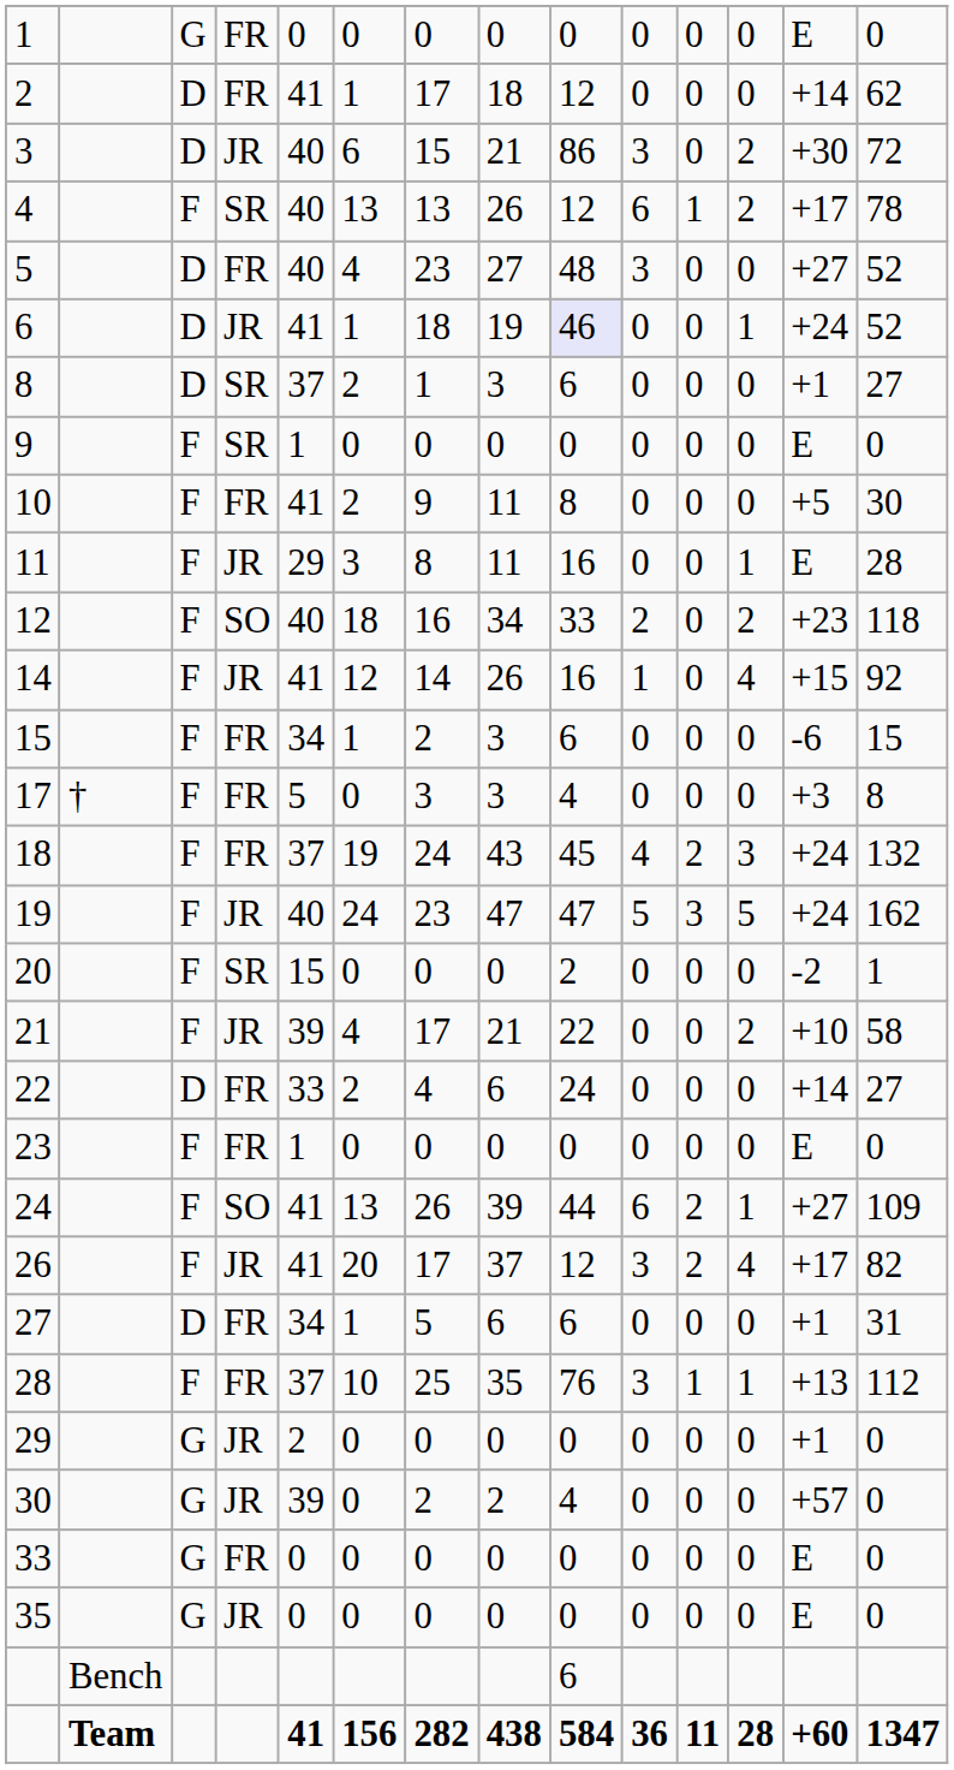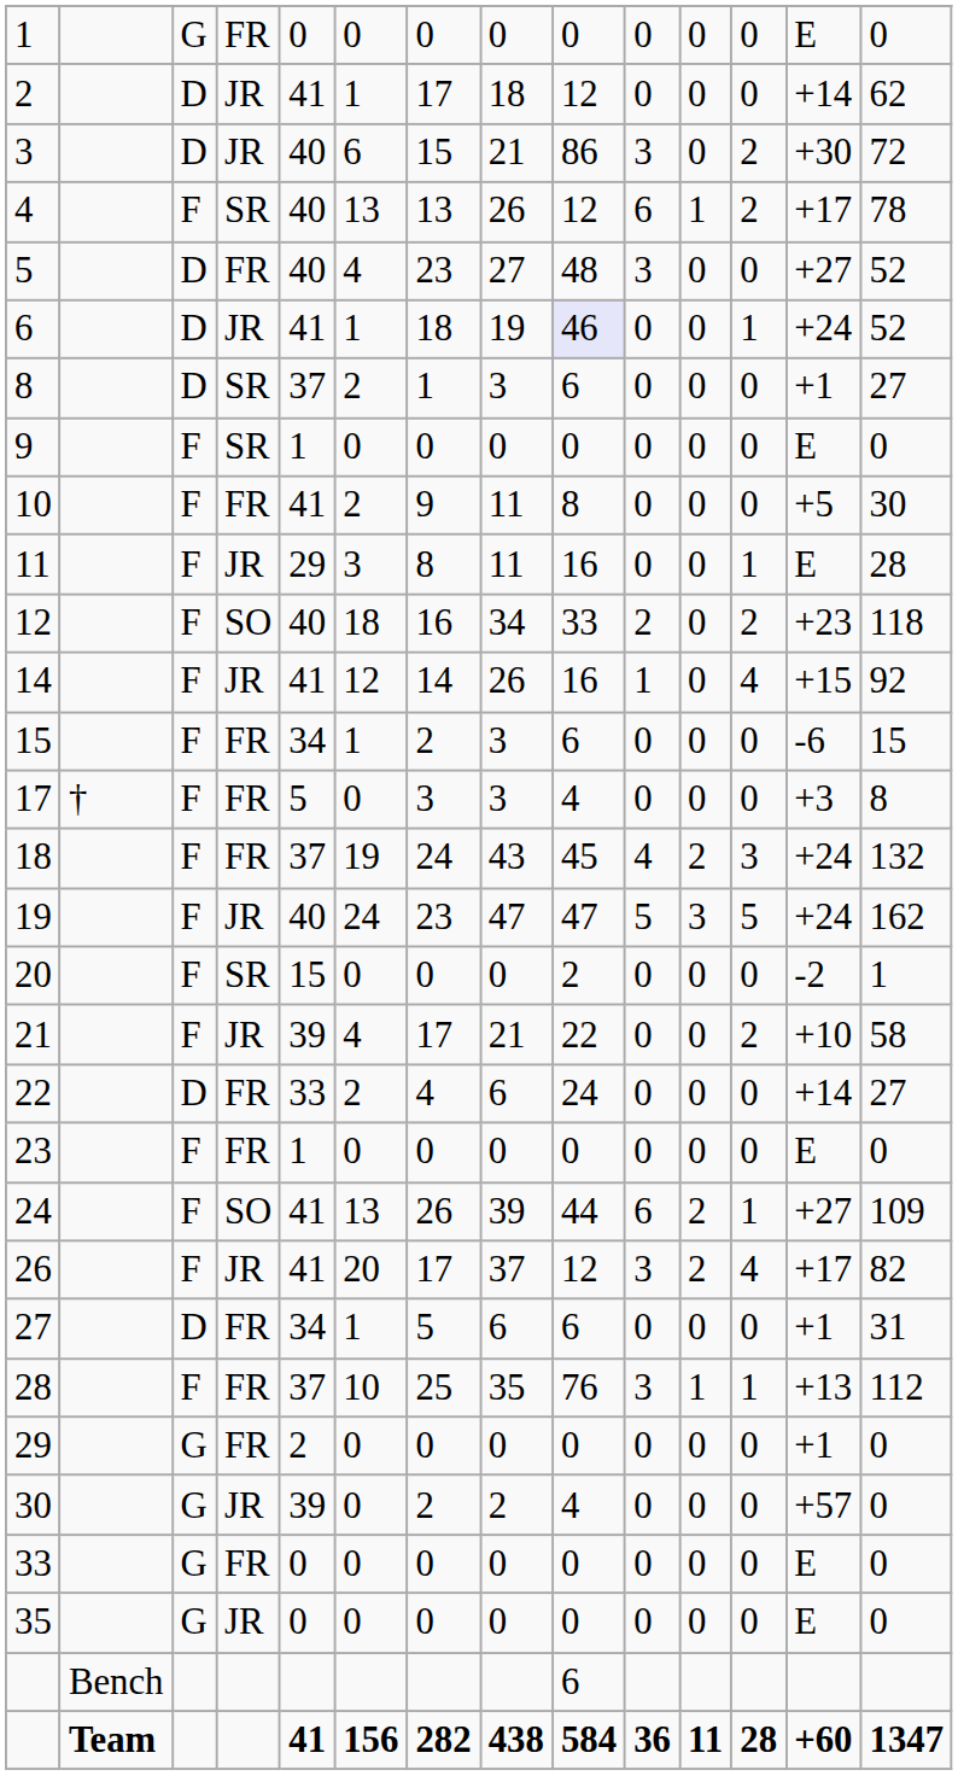 <table class="wikitable sortable">
 <tr>
 </tr>
 <tr>
 <td>1</td>
 <td></td>
 <td>G</td>
 <td>FR</td>
 <td>0</td>
 <td>0</td>
 <td>0</td>
 <td>0</td>
 <td>0</td>
 <td>0</td>
 <td>0</td>
 <td>0</td>
 <td>E</td>
 <td>0</td>
 </tr>
 <tr>
 <td>2</td>
 <td></td>
 <td>D</td>
-<td>FR</td>
+<td>JR</td>
 <td>41</td>
 <td>1</td>
 <td>17</td>
 <td>18</td>
 <td>12</td>
 <td>0</td>
 <td>0</td>
 <td>0</td>
 <td>+14</td>
 <td>62</td>
 </tr>
 <tr>
 <td>3</td>
 <td></td>
 <td>D</td>
 <td>JR</td>
 <td>40</td>
 <td>6</td>
 <td>15</td>
 <td>21</td>
 <td>86</td>
 <td>3</td>
 <td>0</td>
 <td>2</td>
 <td>+30</td>
 <td>72</td>
 </tr>
 <tr>
 <td>4</td>
 <td></td>
 <td>F</td>
 <td>SR</td>
 <td>40</td>
 <td>13</td>
 <td>13</td>
 <td>26</td>
 <td>12</td>
 <td>6</td>
 <td>1</td>
 <td>2</td>
 <td>+17</td>
 <td>78</td>
 </tr>
 <tr>
 <td>5</td>
 <td></td>
 <td>D</td>
 <td>FR</td>
 <td>40</td>
 <td>4</td>
 <td>23</td>
 <td>27</td>
 <td>48</td>
 <td>3</td>
 <td>0</td>
 <td>0</td>
 <td>+27</td>
 <td>52</td>
 </tr>
 <tr>
 <td>6</td>
 <td></td>
 <td>D</td>
 <td>JR</td>
 <td>41</td>
 <td>1</td>
 <td>18</td>
 <td>19</td>
 <td style="background: lavender;">46</td>
 <td>0</td>
 <td>0</td>
 <td>1</td>
 <td>+24</td>
 <td>52</td>
 </tr>
 <tr>
 <td>8</td>
 <td></td>
 <td>D</td>
 <td>SR</td>
 <td>37</td>
 <td>2</td>
 <td>1</td>
 <td>3</td>
 <td>6</td>
 <td>0</td>
 <td>0</td>
 <td>0</td>
 <td>+1</td>
 <td>27</td>
 </tr>
 <tr>
 <td>9</td>
 <td></td>
 <td>F</td>
 <td>SR</td>
 <td>1</td>
 <td>0</td>
 <td>0</td>
 <td>0</td>
 <td>0</td>
 <td>0</td>
 <td>0</td>
 <td>0</td>
 <td>E</td>
 <td>0</td>
 </tr>
 <tr>
 <td>10</td>
 <td></td>
 <td>F</td>
 <td>FR</td>
 <td>41</td>
 <td>2</td>
 <td>9</td>
 <td>11</td>
 <td>8</td>
 <td>0</td>
 <td>0</td>
 <td>0</td>
 <td>+5</td>
 <td>30</td>
 </tr>
 <tr>
 <td>11</td>
 <td></td>
 <td>F</td>
 <td>JR</td>
 <td>29</td>
 <td>3</td>
 <td>8</td>
 <td>11</td>
 <td>16</td>
 <td>0</td>
 <td>0</td>
 <td>1</td>
 <td>E</td>
 <td>28</td>
 </tr>
 <tr>
 <td>12</td>
 <td></td>
 <td>F</td>
 <td>SO</td>
 <td>40</td>
 <td>18</td>
 <td>16</td>
 <td>34</td>
 <td>33</td>
 <td>2</td>
 <td>0</td>
 <td>2</td>
 <td>+23</td>
 <td>118</td>
 </tr>
 <tr>
 <td>14</td>
 <td></td>
 <td>F</td>
 <td>JR</td>
 <td>41</td>
 <td>12</td>
 <td>14</td>
 <td>26</td>
 <td>16</td>
 <td>1</td>
 <td>0</td>
 <td>4</td>
 <td>+15</td>
 <td>92</td>
 </tr>
 <tr>
 <td>15</td>
 <td></td>
 <td>F</td>
 <td>FR</td>
 <td>34</td>
 <td>1</td>
 <td>2</td>
 <td>3</td>
 <td>6</td>
 <td>0</td>
 <td>0</td>
 <td>0</td>
 <td>-6</td>
 <td>15</td>
 </tr>
 <tr>
 <td>17</td>
 <td>†</td>
 <td>F</td>
 <td>FR</td>
 <td>5</td>
 <td>0</td>
 <td>3</td>
 <td>3</td>
 <td>4</td>
 <td>0</td>
 <td>0</td>
 <td>0</td>
 <td>+3</td>
 <td>8</td>
 </tr>
 <tr>
 <td>18</td>
 <td></td>
 <td>F</td>
 <td>FR</td>
 <td>37</td>
 <td>19</td>
 <td>24</td>
 <td>43</td>
 <td>45</td>
 <td>4</td>
 <td>2</td>
 <td>3</td>
 <td>+24</td>
 <td>132</td>
 </tr>
 <tr>
 <td>19</td>
 <td></td>
 <td>F</td>
 <td>JR</td>
 <td>40</td>
 <td>24</td>
 <td>23</td>
 <td>47</td>
 <td>47</td>
 <td>5</td>
 <td>3</td>
 <td>5</td>
 <td>+24</td>
 <td>162</td>
 </tr>
 <tr>
 <td>20</td>
 <td></td>
 <td>F</td>
 <td>SR</td>
 <td>15</td>
 <td>0</td>
 <td>0</td>
 <td>0</td>
 <td>2</td>
 <td>0</td>
 <td>0</td>
 <td>0</td>
 <td>-2</td>
 <td>1</td>
 </tr>
 <tr>
 <td>21</td>
 <td></td>
 <td>F</td>
 <td>JR</td>
 <td>39</td>
 <td>4</td>
 <td>17</td>
 <td>21</td>
 <td>22</td>
 <td>0</td>
 <td>0</td>
 <td>2</td>
 <td>+10</td>
 <td>58</td>
 </tr>
 <tr>
 <td>22</td>
 <td></td>
 <td>D</td>
 <td>FR</td>
 <td>33</td>
 <td>2</td>
 <td>4</td>
 <td>6</td>
 <td>24</td>
 <td>0</td>
 <td>0</td>
 <td>0</td>
 <td>+14</td>
 <td>27</td>
 </tr>
 <tr>
 <td>23</td>
 <td></td>
 <td>F</td>
 <td>FR</td>
 <td>1</td>
 <td>0</td>
 <td>0</td>
 <td>0</td>
 <td>0</td>
 <td>0</td>
 <td>0</td>
 <td>0</td>
 <td>E</td>
 <td>0</td>
 </tr>
 <tr>
 <td>24</td>
 <td></td>
 <td>F</td>
 <td>SO</td>
 <td>41</td>
 <td>13</td>
 <td>26</td>
 <td>39</td>
 <td>44</td>
 <td>6</td>
 <td>2</td>
 <td>1</td>
 <td>+27</td>
 <td>109</td>
 </tr>
 <tr>
 <td>26</td>
 <td></td>
 <td>F</td>
 <td>JR</td>
 <td>41</td>
 <td>20</td>
 <td>17</td>
 <td>37</td>
 <td>12</td>
 <td>3</td>
 <td>2</td>
 <td>4</td>
 <td>+17</td>
 <td>82</td>
 </tr>
 <tr>
 <td>27</td>
 <td></td>
 <td>D</td>
 <td>FR</td>
 <td>34</td>
 <td>1</td>
 <td>5</td>
 <td>6</td>
 <td>6</td>
 <td>0</td>
 <td>0</td>
 <td>0</td>
 <td>+1</td>
 <td>31</td>
 </tr>
 <tr>
 <td>28</td>
 <td></td>
 <td>F</td>
 <td>FR</td>
 <td>37</td>
 <td>10</td>
 <td>25</td>
 <td>35</td>
 <td>76</td>
 <td>3</td>
 <td>1</td>
 <td>1</td>
 <td>+13</td>
 <td>112</td>
 </tr>
 <tr>
 <td>29</td>
 <td></td>
 <td>G</td>
-<td>JR</td>
+<td>FR</td>
 <td>2</td>
 <td>0</td>
 <td>0</td>
 <td>0</td>
 <td>0</td>
 <td>0</td>
 <td>0</td>
 <td>0</td>
 <td>+1</td>
 <td>0</td>
 </tr>
 <tr>
 <td>30</td>
 <td></td>
 <td>G</td>
 <td>JR</td>
 <td>39</td>
 <td>0</td>
 <td>2</td>
 <td>2</td>
 <td>4</td>
 <td>0</td>
 <td>0</td>
 <td>0</td>
 <td>+57</td>
 <td>0</td>
 </tr>
 <tr>
 <td>33</td>
 <td></td>
 <td>G</td>
 <td>FR</td>
 <td>0</td>
 <td>0</td>
 <td>0</td>
 <td>0</td>
 <td>0</td>
 <td>0</td>
 <td>0</td>
 <td>0</td>
 <td>E</td>
 <td>0</td>
 </tr>
 <tr>
 <td>35</td>
 <td></td>
 <td>G</td>
 <td>JR</td>
 <td>0</td>
 <td>0</td>
 <td>0</td>
 <td>0</td>
 <td>0</td>
 <td>0</td>
 <td>0</td>
 <td>0</td>
 <td>E</td>
 <td>0</td>
 </tr>
 <tr>
 <td></td>
 <td>Bench</td>
 <td></td>
 <td></td>
 <td></td>
 <td></td>
 <td></td>
 <td></td>
 <td>6</td>
 <td></td>
 <td></td>
 <td></td>
 <td></td>
 <td></td>
 </tr>
 <tr class="sortbottom">
 <td></td>
 <td><strong>Team</strong></td>
 <td></td>
 <td></td>
 <td><strong>41</strong></td>
 <td><strong>156</strong></td>
 <td><strong>282</strong></td>
 <td><strong>438</strong></td>
 <td><strong>584</strong></td>
 <td><strong>36</strong></td>
 <td><strong>11</strong></td>
 <td><strong>28</strong></td>
 <td><strong>+60</strong></td>
 <td><strong>1347</strong></td>
 </tr>
 </table>
